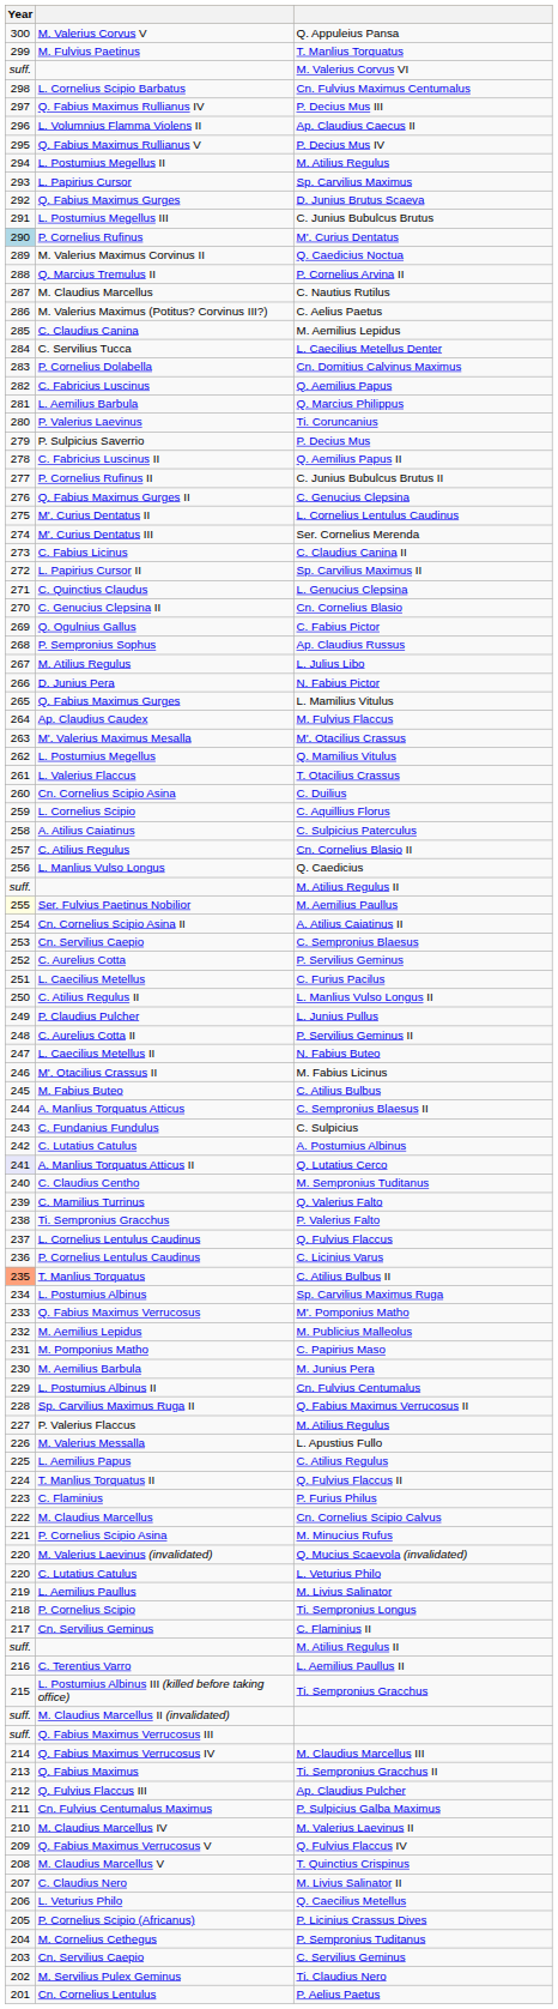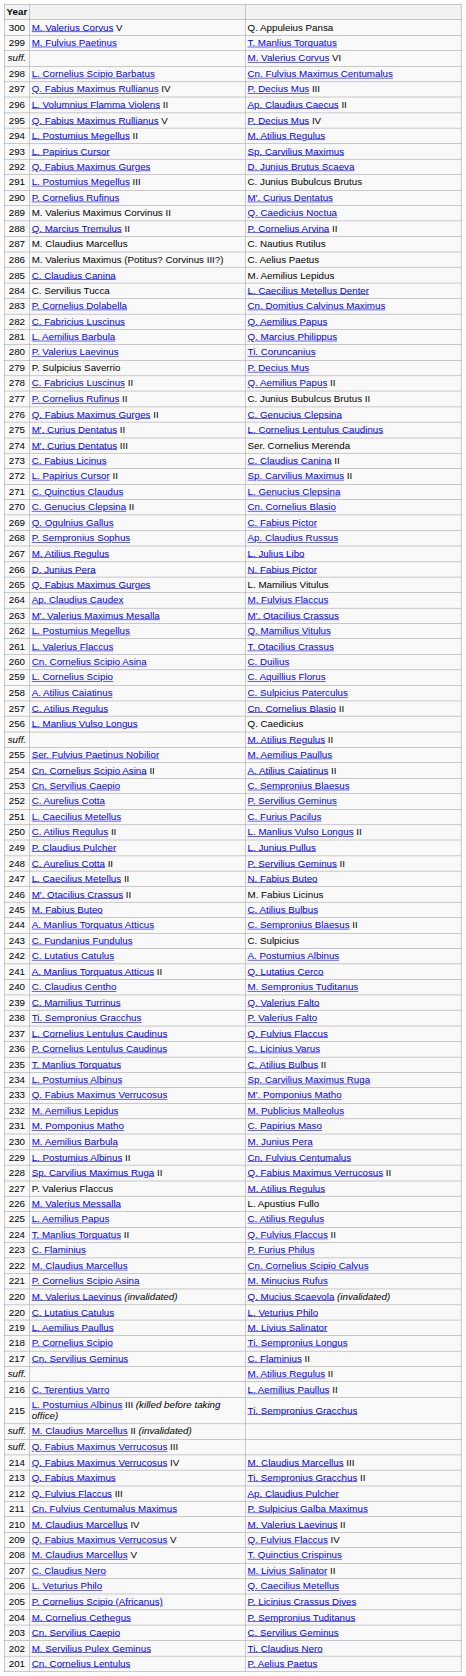 <table class="wikitable" style="width:750px; margin-left: auto; margin-right: auto; border: none;">
 <tr bgcolor="#FFDEAD">
 <th width=4%>Year</th>
 <th width=48%></th>
 <th width=48%></th>
 </tr>
 <tr>
 <td align=center>300</td>
 <td><a href='#'>M. Valerius Corvus</a> V</td>
 <td>Q. Appuleius Pansa</td>
 </tr>
 <tr>
 <td align=center>299</td>
 <td><a href='#'>M. Fulvius Paetinus</a></td>
 <td><a href='#'>T. Manlius Torquatus</a></td>
 </tr>
 <tr>
 <td align=center><em>suff.</em></td>
 <td></td>
 <td><a href='#'>M. Valerius Corvus</a> VI</td>
 </tr>
 <tr>
 <td align=center>298</td>
 <td><a href='#'>L. Cornelius Scipio Barbatus</a></td>
 <td><a href='#'>Cn. Fulvius Maximus Centumalus</a></td>
 </tr>
 <tr>
 <td align=center>297</td>
 <td><a href='#'>Q. Fabius Maximus Rullianus</a> IV</td>
 <td><a href='#'>P. Decius Mus</a> III</td>
 </tr>
 <tr>
 <td align=center>296</td>
 <td><a href='#'>L. Volumnius Flamma Violens</a> II</td>
 <td><a href='#'>Ap. Claudius Caecus</a> II</td>
 </tr>
 <tr>
 <td align=center>295</td>
 <td><a href='#'>Q. Fabius Maximus Rullianus</a> V</td>
 <td><a href='#'>P. Decius Mus</a> IV</td>
 </tr>
 <tr>
 <td align=center>294</td>
 <td><a href='#'>L. Postumius Megellus</a> II</td>
 <td><a href='#'>M. Atilius Regulus</a></td>
 </tr>
 <tr>
 <td align=center>293</td>
 <td><a href='#'>L. Papirius Cursor</a></td>
 <td><a href='#'>Sp. Carvilius Maximus</a></td>
 </tr>
 <tr>
 <td align=center>292</td>
 <td><a href='#'>Q. Fabius Maximus Gurges</a></td>
 <td><a href='#'>D. Junius Brutus Scaeva</a></td>
 </tr>
 <tr>
 <td align=center>291</td>
 <td><a href='#'>L. Postumius Megellus</a> III</td>
 <td>C. Junius Bubulcus Brutus</td>
 </tr>
 <tr>
-<td align=center style="background: lightblue;">290</td>
+<td align=center>290</td>
 <td><a href='#'>P. Cornelius Rufinus</a></td>
 <td><a href='#'>M'. Curius Dentatus</a></td>
 </tr>
 <tr>
 <td align=center>289</td>
 <td>M. Valerius Maximus Corvinus II</td>
 <td><a href='#'>Q. Caedicius Noctua</a></td>
 </tr>
 <tr>
 <td align=center>288</td>
 <td><a href='#'>Q. Marcius Tremulus</a> II</td>
 <td><a href='#'>P. Cornelius Arvina</a> II</td>
 </tr>
 <tr>
 <td align=center>287</td>
 <td>M. Claudius Marcellus</td>
 <td>C. Nautius Rutilus</td>
 </tr>
 <tr>
 <td align=center>286</td>
 <td>M. Valerius Maximus (Potitus? Corvinus III?)</td>
 <td>C. Aelius Paetus</td>
 </tr>
 <tr>
 <td align=center>285</td>
 <td><a href='#'>C. Claudius Canina</a></td>
 <td>M. Aemilius Lepidus</td>
 </tr>
 <tr>
 <td align=center>284</td>
 <td>C. Servilius Tucca</td>
 <td><a href='#'>L. Caecilius Metellus Denter</a></td>
 </tr>
 <tr>
 <td align=center>283</td>
 <td><a href='#'>P. Cornelius Dolabella</a></td>
 <td><a href='#'>Cn. Domitius Calvinus Maximus</a></td>
 </tr>
 <tr>
 <td align=center>282</td>
 <td><a href='#'>C. Fabricius Luscinus</a></td>
 <td><a href='#'>Q. Aemilius Papus</a></td>
 </tr>
 <tr>
 <td align=center>281</td>
 <td><a href='#'>L. Aemilius Barbula</a></td>
 <td><a href='#'>Q. Marcius Philippus</a></td>
 </tr>
 <tr>
 <td align=center>280</td>
 <td><a href='#'>P. Valerius Laevinus</a></td>
 <td><a href='#'>Ti. Coruncanius</a></td>
 </tr>
 <tr>
 <td align=center>279</td>
 <td>P. Sulpicius Saverrio</td>
 <td><a href='#'>P. Decius Mus</a></td>
 </tr>
 <tr>
 <td align=center>278</td>
 <td><a href='#'>C. Fabricius Luscinus</a> II</td>
 <td><a href='#'>Q. Aemilius Papus</a> II</td>
 </tr>
 <tr>
 <td align=center>277</td>
 <td><a href='#'>P. Cornelius Rufinus</a> II</td>
 <td>C. Junius Bubulcus Brutus II</td>
 </tr>
 <tr>
 <td align=center>276</td>
 <td><a href='#'>Q. Fabius Maximus Gurges</a> II</td>
 <td><a href='#'>C. Genucius Clepsina</a></td>
 </tr>
 <tr>
 <td align=center>275</td>
 <td><a href='#'>M'. Curius Dentatus</a> II</td>
 <td><a href='#'>L. Cornelius Lentulus Caudinus</a></td>
 </tr>
 <tr>
 <td align=center>274</td>
 <td><a href='#'>M'. Curius Dentatus</a> III</td>
 <td>Ser. Cornelius Merenda</td>
 </tr>
 <tr>
 <td align=center>273</td>
 <td><a href='#'>C. Fabius Licinus</a></td>
 <td><a href='#'>C. Claudius Canina</a> II</td>
 </tr>
 <tr>
 <td align=center>272</td>
 <td><a href='#'>L. Papirius Cursor</a> II</td>
 <td><a href='#'>Sp. Carvilius Maximus</a> II</td>
 </tr>
 <tr>
 <td align=center>271</td>
 <td><a href='#'>C. Quinctius Claudus</a></td>
 <td><a href='#'>L. Genucius Clepsina</a></td>
 </tr>
 <tr>
 <td align=center>270</td>
 <td><a href='#'>C. Genucius Clepsina</a> II</td>
 <td><a href='#'>Cn. Cornelius Blasio</a></td>
 </tr>
 <tr>
 <td align=center>269</td>
 <td><a href='#'>Q. Ogulnius Gallus</a></td>
 <td><a href='#'>C. Fabius Pictor</a></td>
 </tr>
 <tr>
 <td align=center>268</td>
 <td><a href='#'>P. Sempronius Sophus</a></td>
 <td><a href='#'>Ap. Claudius Russus</a></td>
 </tr>
 <tr>
 <td align=center>267</td>
 <td><a href='#'>M. Atilius Regulus</a></td>
 <td><a href='#'>L. Julius Libo</a></td>
 </tr>
 <tr>
 <td align=center>266</td>
 <td><a href='#'>D. Junius Pera</a></td>
 <td><a href='#'>N. Fabius Pictor</a></td>
 </tr>
 <tr>
 <td align=center>265</td>
 <td><a href='#'>Q. Fabius Maximus Gurges</a></td>
 <td>L. Mamilius Vitulus</td>
 </tr>
 <tr>
 <td align=center>264</td>
 <td><a href='#'>Ap. Claudius Caudex</a></td>
 <td><a href='#'>M. Fulvius Flaccus</a></td>
 </tr>
 <tr>
 <td align=center>263</td>
 <td><a href='#'>M'. Valerius Maximus Mesalla</a></td>
 <td><a href='#'>M'. Otacilius Crassus</a></td>
 </tr>
 <tr>
 <td align=center>262</td>
 <td><a href='#'>L. Postumius Megellus</a></td>
 <td><a href='#'>Q. Mamilius Vitulus</a></td>
 </tr>
 <tr>
 <td align=center>261</td>
 <td><a href='#'>L. Valerius Flaccus</a></td>
 <td><a href='#'>T. Otacilius Crassus</a></td>
 </tr>
 <tr>
 <td align=center>260</td>
 <td><a href='#'>Cn. Cornelius Scipio Asina</a></td>
 <td><a href='#'>C. Duilius</a></td>
 </tr>
 <tr>
 <td align=center>259</td>
 <td><a href='#'>L. Cornelius Scipio</a></td>
 <td><a href='#'>C. Aquillius Florus</a></td>
 </tr>
 <tr>
 <td align=center>258</td>
 <td><a href='#'>A. Atilius Caiatinus</a></td>
 <td><a href='#'>C. Sulpicius Paterculus</a></td>
 </tr>
 <tr>
 <td align=center>257</td>
 <td><a href='#'>C. Atilius Regulus</a></td>
 <td><a href='#'>Cn. Cornelius Blasio</a> II</td>
 </tr>
 <tr>
 <td align=center>256</td>
 <td><a href='#'>L. Manlius Vulso Longus</a></td>
 <td>Q. Caedicius</td>
 </tr>
 <tr>
 <td align=center><em>suff.</em></td>
 <td></td>
 <td><a href='#'>M. Atilius Regulus</a> II</td>
 </tr>
 <tr>
-<td align=center style="background: lightyellow;">255</td>
+<td align=center>255</td>
 <td><a href='#'>Ser. Fulvius Paetinus Nobilior</a></td>
 <td><a href='#'>M. Aemilius Paullus</a></td>
 </tr>
 <tr>
 <td align=center>254</td>
 <td><a href='#'>Cn. Cornelius Scipio Asina</a> II</td>
 <td><a href='#'>A. Atilius Caiatinus</a> II</td>
 </tr>
 <tr>
 <td align=center>253</td>
 <td><a href='#'>Cn. Servilius Caepio</a></td>
 <td><a href='#'>C. Sempronius Blaesus</a></td>
 </tr>
 <tr>
 <td align=center>252</td>
 <td><a href='#'>C. Aurelius Cotta</a></td>
 <td><a href='#'>P. Servilius Geminus</a></td>
 </tr>
 <tr>
 <td align=center>251</td>
 <td><a href='#'>L. Caecilius Metellus</a></td>
 <td><a href='#'>C. Furius Pacilus</a></td>
 </tr>
 <tr>
 <td align=center>250</td>
 <td><a href='#'>C. Atilius Regulus</a> II</td>
 <td><a href='#'>L. Manlius Vulso Longus</a> II</td>
 </tr>
 <tr>
 <td align=center>249</td>
 <td><a href='#'>P. Claudius Pulcher</a></td>
 <td><a href='#'>L. Junius Pullus</a></td>
 </tr>
 <tr>
 <td align=center>248</td>
 <td><a href='#'>C. Aurelius Cotta</a> II</td>
 <td><a href='#'>P. Servilius Geminus</a> II</td>
 </tr>
 <tr>
 <td align=center>247</td>
 <td><a href='#'>L. Caecilius Metellus</a> II</td>
 <td><a href='#'>N. Fabius Buteo</a></td>
 </tr>
 <tr>
 <td align=center>246</td>
 <td><a href='#'>M'. Otacilius Crassus</a> II</td>
 <td>M. Fabius Licinus</td>
 </tr>
 <tr>
 <td align=center>245</td>
 <td><a href='#'>M. Fabius Buteo</a></td>
 <td><a href='#'>C. Atilius Bulbus</a></td>
 </tr>
 <tr>
 <td align=center>244</td>
 <td><a href='#'>A. Manlius Torquatus Atticus</a></td>
 <td><a href='#'>C. Sempronius Blaesus</a> II</td>
 </tr>
 <tr>
 <td align=center>243</td>
 <td><a href='#'>C. Fundanius Fundulus</a></td>
 <td>C. Sulpicius </td>
 </tr>
 <tr>
 <td align=center>242</td>
 <td><a href='#'>C. Lutatius Catulus</a></td>
 <td><a href='#'>A. Postumius Albinus</a></td>
 </tr>
 <tr>
-<td align=center style="background: lavender;">241</td>
+<td align=center>241</td>
 <td><a href='#'>A. Manlius Torquatus Atticus</a> II</td>
 <td><a href='#'>Q. Lutatius Cerco</a></td>
 </tr>
 <tr>
 <td align=center>240</td>
 <td><a href='#'>C. Claudius Centho</a></td>
 <td><a href='#'>M. Sempronius Tuditanus</a></td>
 </tr>
 <tr>
 <td align=center>239</td>
 <td><a href='#'>C. Mamilius Turrinus</a></td>
 <td><a href='#'>Q. Valerius Falto</a></td>
 </tr>
 <tr>
 <td align=center>238</td>
 <td><a href='#'>Ti. Sempronius Gracchus</a></td>
 <td><a href='#'>P. Valerius Falto</a></td>
 </tr>
 <tr>
 <td align=center>237</td>
 <td><a href='#'>L. Cornelius Lentulus Caudinus</a></td>
 <td><a href='#'>Q. Fulvius Flaccus</a></td>
 </tr>
 <tr>
 <td align=center>236</td>
 <td><a href='#'>P. Cornelius Lentulus Caudinus</a></td>
 <td><a href='#'>C. Licinius Varus</a></td>
 </tr>
 <tr>
-<td align=center style="background: lightsalmon;">235</td>
+<td align=center>235</td>
 <td><a href='#'>T. Manlius Torquatus</a></td>
 <td><a href='#'>C. Atilius Bulbus</a> II</td>
 </tr>
 <tr>
 <td align=center>234</td>
 <td><a href='#'>L. Postumius Albinus</a></td>
 <td><a href='#'>Sp. Carvilius Maximus Ruga</a></td>
 </tr>
 <tr>
 <td align=center>233</td>
 <td><a href='#'>Q. Fabius Maximus Verrucosus</a></td>
 <td><a href='#'>M'. Pomponius Matho</a></td>
 </tr>
 <tr>
 <td align=center>232</td>
 <td><a href='#'>M. Aemilius Lepidus</a></td>
 <td><a href='#'>M. Publicius Malleolus</a></td>
 </tr>
 <tr>
 <td align=center>231</td>
 <td><a href='#'>M. Pomponius Matho</a></td>
 <td><a href='#'>C. Papirius Maso</a></td>
 </tr>
 <tr>
 <td align=center>230</td>
 <td><a href='#'>M. Aemilius Barbula</a></td>
 <td><a href='#'>M. Junius Pera</a></td>
 </tr>
 <tr>
 <td align=center>229</td>
 <td><a href='#'>L. Postumius Albinus</a> II</td>
 <td><a href='#'>Cn. Fulvius Centumalus</a></td>
 </tr>
 <tr>
 <td align=center>228</td>
 <td><a href='#'>Sp. Carvilius Maximus Ruga</a> II</td>
 <td><a href='#'>Q. Fabius Maximus Verrucosus</a> II</td>
 </tr>
 <tr>
 <td align=center>227</td>
 <td>P. Valerius Flaccus</td>
 <td><a href='#'>M. Atilius Regulus</a></td>
 </tr>
 <tr>
 <td align=center>226</td>
 <td><a href='#'>M. Valerius Messalla</a></td>
 <td>L. Apustius Fullo</td>
 </tr>
 <tr>
 <td align=center>225</td>
 <td><a href='#'>L. Aemilius Papus</a></td>
 <td><a href='#'>C. Atilius Regulus</a></td>
 </tr>
 <tr>
 <td align=center>224</td>
 <td><a href='#'>T. Manlius Torquatus</a> II</td>
 <td><a href='#'>Q. Fulvius Flaccus</a> II</td>
 </tr>
 <tr>
 <td align=center>223</td>
 <td><a href='#'>C. Flaminius</a></td>
 <td><a href='#'>P. Furius Philus</a></td>
 </tr>
 <tr>
 <td align=center>222</td>
 <td><a href='#'>M. Claudius Marcellus</a></td>
 <td><a href='#'>Cn. Cornelius Scipio Calvus</a></td>
 </tr>
 <tr>
 <td align=center>221</td>
 <td><a href='#'>P. Cornelius Scipio Asina</a></td>
 <td><a href='#'>M. Minucius Rufus</a></td>
 </tr>
 <tr>
 <td align=center>220</td>
 <td><a href='#'>M. Valerius Laevinus</a> <em>(invalidated)</em></td>
 <td><a href='#'>Q. Mucius Scaevola</a> <em>(invalidated)</em></td>
 </tr>
 <tr>
 <td align=center>220</td>
 <td><a href='#'>C. Lutatius Catulus</a></td>
 <td><a href='#'>L. Veturius Philo</a></td>
 </tr>
 <tr>
 <td align=center>219</td>
 <td><a href='#'>L. Aemilius Paullus</a></td>
 <td><a href='#'>M. Livius Salinator</a></td>
 </tr>
 <tr>
 <td align=center>218</td>
 <td><a href='#'>P. Cornelius Scipio</a></td>
 <td><a href='#'>Ti. Sempronius Longus</a></td>
 </tr>
 <tr>
 <td align=center>217</td>
 <td><a href='#'>Cn. Servilius Geminus</a></td>
 <td><a href='#'>C. Flaminius</a> II</td>
 </tr>
 <tr>
 <td align=center><em>suff.</em></td>
 <td></td>
 <td><a href='#'>M. Atilius Regulus</a> II</td>
 </tr>
 <tr>
 <td align=center>216</td>
 <td><a href='#'>C. Terentius Varro</a></td>
 <td><a href='#'>L. Aemilius Paullus</a> II</td>
 </tr>
 <tr>
 <td align=center>215</td>
 <td><a href='#'>L. Postumius Albinus</a> III <em>(killed before taking office)</em></td>
 <td><a href='#'>Ti. Sempronius Gracchus</a></td>
 </tr>
 <tr>
 <td align=center><em>suff.</em></td>
 <td><a href='#'>M. Claudius Marcellus</a> II <em>(invalidated)</em></td>
 <td></td>
 </tr>
 <tr>
 <td align=center><em>suff.</em></td>
 <td><a href='#'>Q. Fabius Maximus Verrucosus</a> III</td>
 <td></td>
 </tr>
 <tr>
 <td align=center>214</td>
 <td><a href='#'>Q. Fabius Maximus Verrucosus</a> IV</td>
 <td><a href='#'>M. Claudius Marcellus</a> III</td>
 </tr>
 <tr>
 <td align=center>213</td>
 <td><a href='#'>Q. Fabius Maximus</a></td>
 <td><a href='#'>Ti. Sempronius Gracchus</a> II</td>
 </tr>
 <tr>
 <td align=center>212</td>
 <td><a href='#'>Q. Fulvius Flaccus</a> III</td>
 <td><a href='#'>Ap. Claudius Pulcher</a></td>
 </tr>
 <tr>
 <td align=center>211</td>
 <td><a href='#'>Cn. Fulvius Centumalus Maximus</a></td>
 <td><a href='#'>P. Sulpicius Galba Maximus</a></td>
 </tr>
 <tr>
 <td align=center>210</td>
 <td><a href='#'>M. Claudius Marcellus</a> IV</td>
 <td><a href='#'>M. Valerius Laevinus</a> II</td>
 </tr>
 <tr>
 <td align=center>209</td>
 <td><a href='#'>Q. Fabius Maximus Verrucosus</a> V</td>
 <td><a href='#'>Q. Fulvius Flaccus</a> IV</td>
 </tr>
 <tr>
 <td align=center>208</td>
 <td><a href='#'>M. Claudius Marcellus</a> V</td>
 <td><a href='#'>T. Quinctius Crispinus</a></td>
 </tr>
 <tr>
 <td align=center>207</td>
 <td><a href='#'>C. Claudius Nero</a></td>
 <td><a href='#'>M. Livius Salinator</a> II</td>
 </tr>
 <tr>
 <td align=center>206</td>
 <td><a href='#'>L. Veturius Philo</a></td>
 <td><a href='#'>Q. Caecilius Metellus</a></td>
 </tr>
 <tr>
 <td align=center>205</td>
 <td><a href='#'>P. Cornelius Scipio (Africanus)</a></td>
 <td><a href='#'>P. Licinius Crassus Dives</a></td>
 </tr>
 <tr>
 <td align=center>204</td>
 <td><a href='#'>M. Cornelius Cethegus</a></td>
 <td><a href='#'>P. Sempronius Tuditanus</a></td>
 </tr>
 <tr>
 <td align=center>203</td>
 <td><a href='#'>Cn. Servilius Caepio</a></td>
 <td><a href='#'>C. Servilius Geminus</a></td>
 </tr>
 <tr>
 <td align=center>202</td>
 <td><a href='#'>M. Servilius Pulex Geminus</a></td>
 <td><a href='#'>Ti. Claudius Nero</a></td>
 </tr>
 <tr>
 <td align=center>201</td>
 <td><a href='#'>Cn. Cornelius Lentulus</a></td>
 <td><a href='#'>P. Aelius Paetus</a></td>
 </tr>
 </table>
